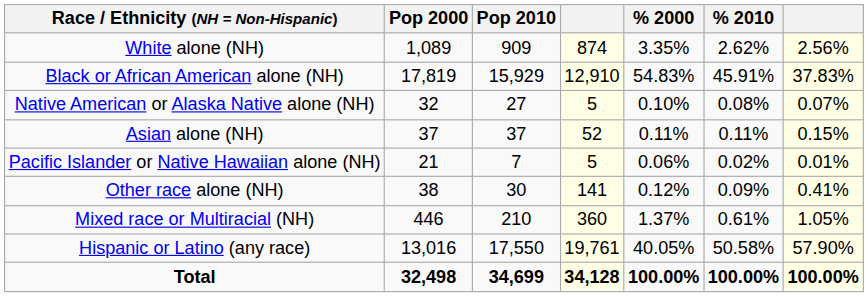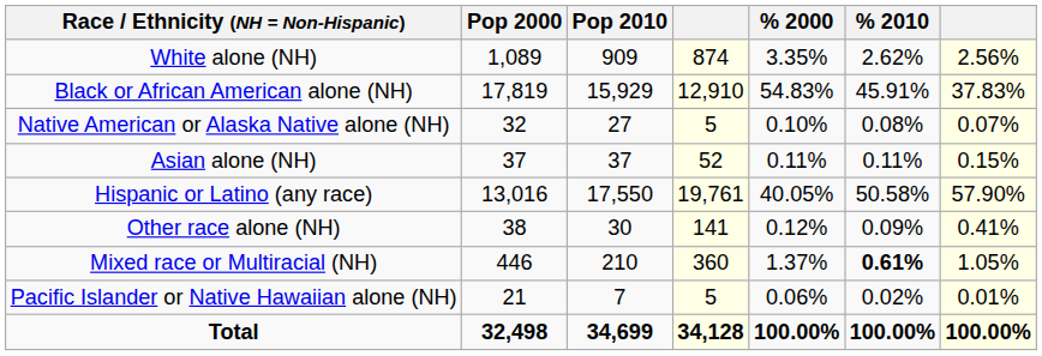 <table class="wikitable" style="text-align:center;">
 <tr>
 <th>Race / Ethnicity <small>(<em>NH = Non-Hispanic</em>)</small></th>
 <th>Pop 2000</th>
 <th>Pop 2010</th>
 <th></th>
 <th>% 2000</th>
 <th>% 2010</th>
 <th></th>
 </tr>
 <tr>
 <td><a href='#'>White</a> alone (NH)</td>
 <td>1,089</td>
 <td>909</td>
 <td style='background: #ffffe6;'>874</td>
 <td>3.35%</td>
 <td>2.62%</td>
 <td style='background: #ffffe6;'>2.56%</td>
 </tr>
 <tr>
 <td><a href='#'>Black or African American</a> alone (NH)</td>
 <td>17,819</td>
 <td>15,929</td>
 <td style='background: #ffffe6;'>12,910</td>
 <td>54.83%</td>
 <td>45.91%</td>
 <td style='background: #ffffe6;'>37.83%</td>
 </tr>
 <tr>
 <td><a href='#'>Native American</a> or <a href='#'>Alaska Native</a> alone (NH)</td>
 <td>32</td>
 <td>27</td>
 <td style='background: #ffffe6;'>5</td>
 <td>0.10%</td>
 <td>0.08%</td>
 <td style='background: #ffffe6;'>0.07%</td>
 </tr>
 <tr>
 <td><a href='#'>Asian</a> alone (NH)</td>
 <td>37</td>
 <td>37</td>
 <td style='background: #ffffe6;'>52</td>
 <td>0.11%</td>
 <td>0.11%</td>
 <td style='background: #ffffe6;'>0.15%</td>
 </tr>
 <tr>
-<td><a href='#'>Pacific Islander</a> or <a href='#'>Native Hawaiian</a> alone (NH)</td>
-<td>21</td>
-<td>7</td>
-<td style='background: #ffffe6;'>5</td>
-<td>0.06%</td>
-<td>0.02%</td>
-<td style='background: #ffffe6;'>0.01%</td>
+<td><a href='#'>Hispanic or Latino</a> (any race)</td>
+<td>13,016</td>
+<td>17,550</td>
+<td style='background: #ffffe6;'>19,761</td>
+<td>40.05%</td>
+<td>50.58%</td>
+<td style='background: #ffffe6;'>57.90%</td>
 </tr>
 <tr>
 <td><a href='#'>Other race</a> alone (NH)</td>
 <td>38</td>
 <td>30</td>
 <td style='background: #ffffe6;'>141</td>
 <td>0.12%</td>
 <td>0.09%</td>
 <td style='background: #ffffe6;'>0.41%</td>
 </tr>
 <tr>
 <td><a href='#'>Mixed race or Multiracial</a> (NH)</td>
 <td>446</td>
 <td>210</td>
 <td style='background: #ffffe6;'>360</td>
 <td>1.37%</td>
-<td>0.61%</td>
+<td><strong>0.61%</strong></td>
 <td style='background: #ffffe6;'>1.05%</td>
 </tr>
 <tr>
-<td><a href='#'>Hispanic or Latino</a> (any race)</td>
-<td>13,016</td>
-<td>17,550</td>
-<td style='background: #ffffe6;'>19,761</td>
-<td>40.05%</td>
-<td>50.58%</td>
-<td style='background: #ffffe6;'>57.90%</td>
+<td><a href='#'>Pacific Islander</a> or <a href='#'>Native Hawaiian</a> alone (NH)</td>
+<td>21</td>
+<td>7</td>
+<td style='background: #ffffe6;'>5</td>
+<td>0.06%</td>
+<td>0.02%</td>
+<td style='background: #ffffe6;'>0.01%</td>
 </tr>
 <tr>
 <td><strong>Total</strong></td>
 <td><strong>32,498</strong></td>
 <td><strong>34,699</strong></td>
 <td style='background: #ffffe6;'><strong>34,128</strong></td>
 <td><strong>100.00%</strong></td>
 <td><strong>100.00%</strong></td>
 <td style='background: #ffffe6;'><strong>100.00%</strong></td>
 </tr>
 </table>
